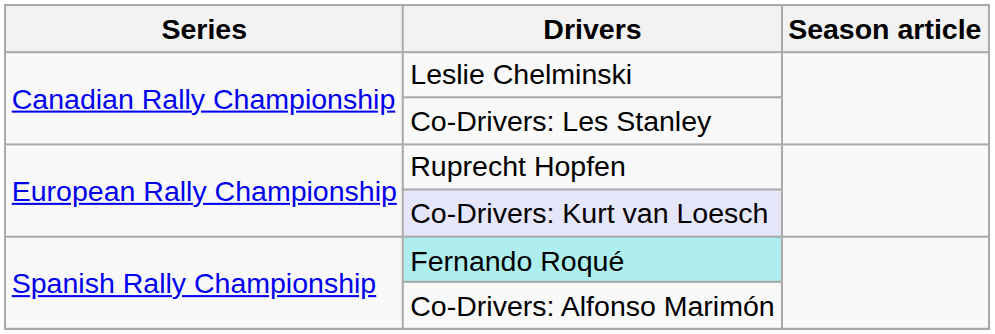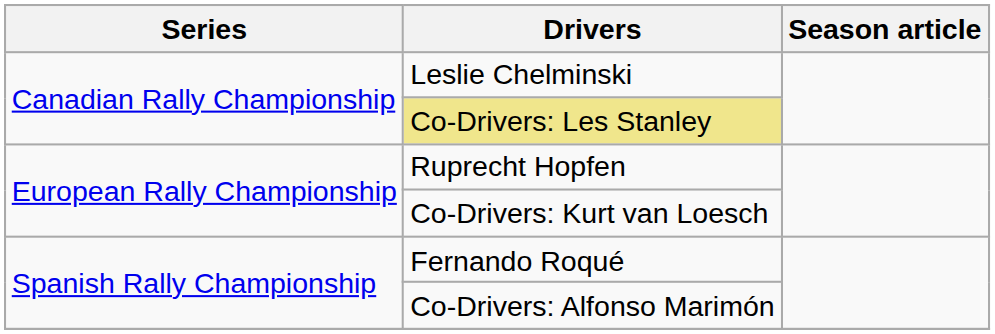 <table class="wikitable" style="font-size: 87%;">
 <tr>
 <th>Series</th>
 <th>Drivers</th>
 <th>Season article</th>
 </tr>
 <tr>
 <td rowspan=2><a href='#'>Canadian Rally Championship</a></td>
 <td> Leslie Chelminski</td>
 <td rowspan=2></td>
 </tr>
 <tr>
-<td>Co-Drivers:  Les Stanley</td>
+<td style="background: khaki;">Co-Drivers:  Les Stanley</td>
 </tr>
 <tr>
 <td rowspan=2><a href='#'>European Rally Championship</a></td>
 <td> Ruprecht Hopfen</td>
 <td rowspan=2></td>
 </tr>
 <tr>
-<td style="background: lavender;">Co-Drivers:  Kurt van Loesch</td>
+<td>Co-Drivers:  Kurt van Loesch</td>
 </tr>
 <tr>
 <td rowspan=2><a href='#'>Spanish Rally Championship</a></td>
-<td style="background: paleturquoise;"> Fernando Roqué</td>
+<td> Fernando Roqué</td>
 <td rowspan=2></td>
 </tr>
 <tr>
 <td>Co-Drivers:  Alfonso Marimón</td>
 </tr>
 <tr>
 </tr>
 </table>
